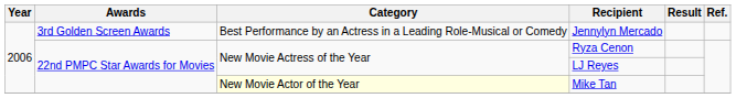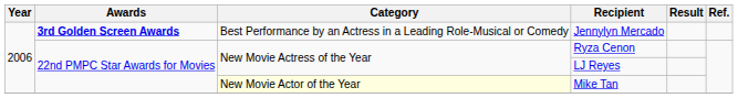 <table class="wikitable">
 <tr>
 <th>Year</th>
 <th>Awards</th>
 <th>Category</th>
 <th>Recipient</th>
 <th>Result</th>
 <th>Ref.</th>
 </tr>
 <tr>
 <td rowspan="4">2006</td>
-<td><a href='#'>3rd Golden Screen Awards</a></td>
+<td><strong><a href='#'>3rd Golden Screen Awards</a></strong></td>
 <td>Best Performance by an Actress in a Leading Role-Musical or Comedy</td>
 <td><a href='#'>Jennylyn Mercado</a></td>
 <td></td>
 <td></td>
 </tr>
 <tr>
 <td rowspan="3"><a href='#'>22nd PMPC Star Awards for Movies</a></td>
 <td rowspan="2">New Movie Actress of the Year</td>
 <td><a href='#'>Ryza Cenon</a></td>
 <td></td>
 <td rowspan="3"></td>
 </tr>
 <tr>
 <td><a href='#'>LJ Reyes</a></td>
 <td></td>
 </tr>
 <tr>
 <td style="background: lightyellow;">New Movie Actor of the Year</td>
 <td><a href='#'>Mike Tan</a></td>
 <td></td>
 </tr>
 <tr>
 </tr>
 </table>
